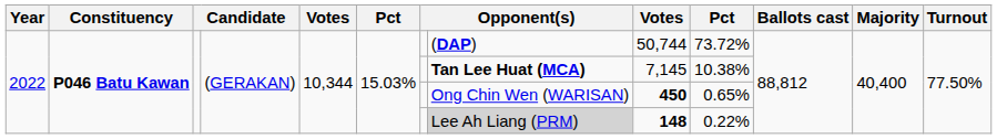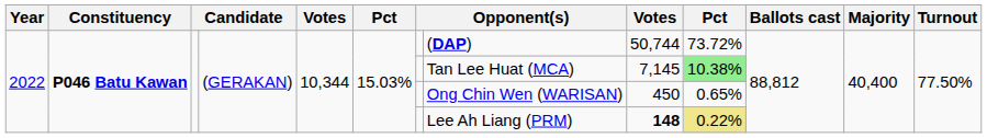 <table class="wikitable" style="margin:0.5em ; font-size:95%">
 <tr>
 <th>Year</th>
 <th>Constituency</th>
 <th colspan=2>Candidate</th>
 <th>Votes</th>
 <th>Pct</th>
 <th colspan=2>Opponent(s)</th>
 <th>Votes</th>
 <th>Pct</th>
 <th>Ballots cast</th>
 <th>Majority</th>
 <th>Turnout</th>
 </tr>
 <tr>
 <td rowspan=5><a href='#'>2022</a></td>
 <td rowspan="5"><strong>P046 <a href='#'>Batu Kawan</a></strong></td>
 <td rowspan=5></td>
 <td rowspan=5> (<a href='#'>GERAKAN</a>)</td>
 <td rowspan=5 align="right">10,344</td>
 <td rowspan=5>15.03%</td>
 <td></td>
 <td> (<a href='#'><strong>DAP</strong></a>)</td>
 <td align="right">50,744</td>
 <td>73.72%</td>
 <td rowspan=5>88,812</td>
 <td rowspan=5>40,400</td>
 <td rowspan=5>77.50%</td>
 </tr>
 <tr>
 <td></td>
-<td><strong>Tan Lee Huat (<a href='#'>MCA</a>)</strong></td>
+<td>Tan Lee Huat (<a href='#'>MCA</a>)</td>
 <td align="right">7,145</td>
-<td>10.38%</td>
+<td style="background: lightgreen;">10.38%</td>
 </tr>
 <tr>
 <td></td>
 <td><a href='#'>Ong Chin Wen</a> (<a href='#'>WARISAN</a>)</td>
-<td align="right"><strong>450</strong></td>
+<td align="right">450</td>
 <td align="right">0.65%</td>
 </tr>
 <tr>
 <td bgcolor=></td>
-<td style="background: lightgrey;">Lee Ah Liang (<a href='#'>PRM</a>)</td>
+<td>Lee Ah Liang (<a href='#'>PRM</a>)</td>
 <td align="right"><strong>148</strong></td>
-<td align="right">0.22%</td>
+<td align="right" style="background: khaki;">0.22%</td>
 </tr>
 </table>
